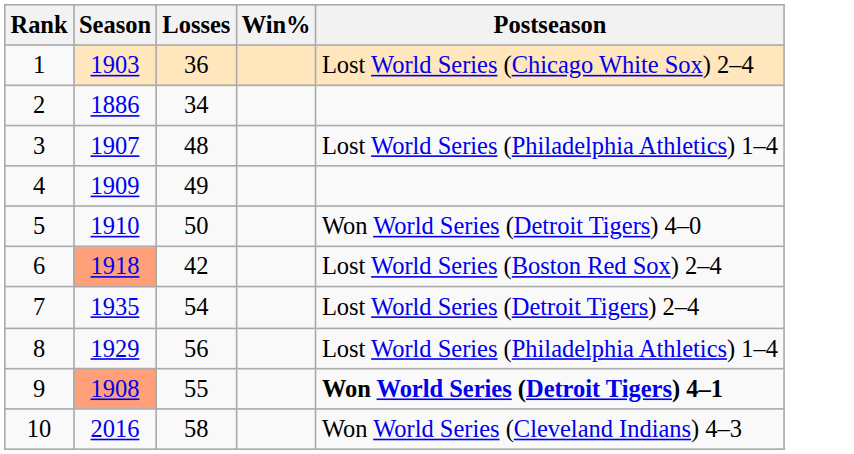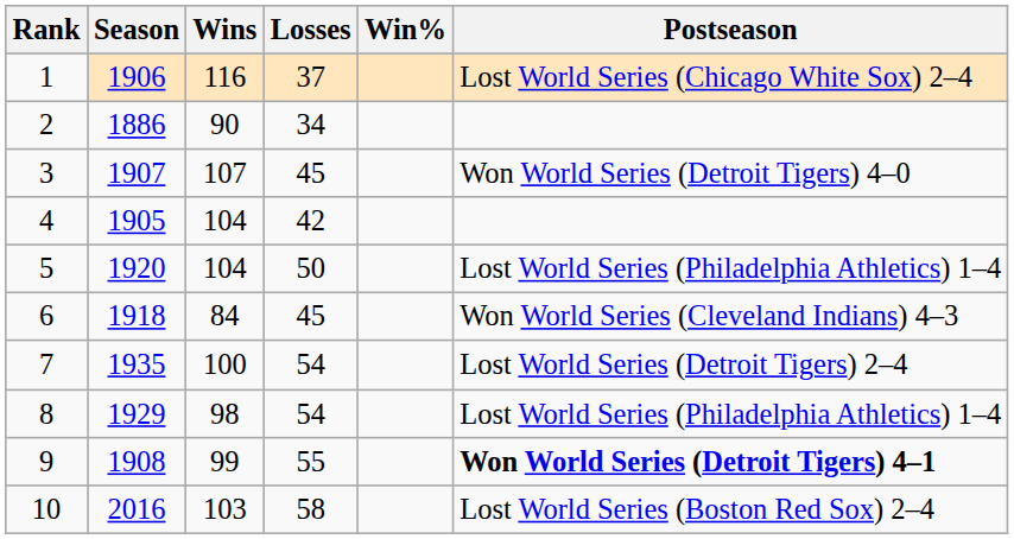 <table class="wikitable" style="font-size: 95%; text-align:center;">
 <tr>
 <th>Rank</th>
 <th>Season</th>
+<th>Wins</th>
 <th>Losses</th>
 <th>Win%</th>
 <th>Postseason</th>
 </tr>
 <tr>
 <td>1</td>
-<td bgcolor="#FFE6BD"><a href='#'>1903</a></td>
-<td bgcolor="#FFE6BD">36</td>
+<td bgcolor="#FFE6BD"><a href='#'>1906</a></td>
+<td bgcolor="#FFE6BD">116</td>
+<td bgcolor="#FFE6BD">37</td>
 <td bgcolor="#FFE6BD"></td>
 <td bgcolor="#FFE6BD" align="left">Lost <a href='#'>World Series</a> (<a href='#'>Chicago White Sox</a>) 2–4</td>
 </tr>
 <tr>
 <td>2</td>
 <td><a href='#'>1886</a></td>
+<td>90</td>
 <td>34</td>
 <td></td>
 <td></td>
 </tr>
 <tr>
 <td>3</td>
 <td><a href='#'>1907</a></td>
-<td>48</td>
+<td>107</td>
+<td>45</td>
 <td></td>
-<td align="left">Lost <a href='#'>World Series</a> (<a href='#'>Philadelphia Athletics</a>) 1–4</td>
+<td align="left">Won <a href='#'>World Series</a> (<a href='#'>Detroit Tigers</a>) 4–0</td>
 </tr>
 <tr>
 <td>4</td>
-<td><a href='#'>1909</a></td>
-<td>49</td>
+<td><a href='#'>1905</a></td>
+<td>104</td>
+<td>42</td>
 <td></td>
 <td></td>
 </tr>
 <tr>
 <td>5</td>
-<td><a href='#'>1910</a></td>
+<td><a href='#'>1920</a></td>
+<td>104</td>
 <td>50</td>
 <td></td>
-<td align="left">Won <a href='#'>World Series</a> (<a href='#'>Detroit Tigers</a>) 4–0</td>
+<td align="left">Lost <a href='#'>World Series</a> (<a href='#'>Philadelphia Athletics</a>) 1–4</td>
 </tr>
 <tr>
 <td>6</td>
-<td style="background: lightsalmon;"><a href='#'>1918</a></td>
-<td>42</td>
+<td><a href='#'>1918</a></td>
+<td>84</td>
+<td>45</td>
 <td></td>
-<td align="left">Lost <a href='#'>World Series</a> (<a href='#'>Boston Red Sox</a>) 2–4</td>
+<td align="left">Won <a href='#'>World Series</a> (<a href='#'>Cleveland Indians</a>) 4–3</td>
 </tr>
 <tr>
 <td>7</td>
 <td><a href='#'>1935</a></td>
+<td>100</td>
 <td>54</td>
 <td></td>
 <td align="left">Lost <a href='#'>World Series</a> (<a href='#'>Detroit Tigers</a>) 2–4</td>
 </tr>
 <tr>
 <td>8</td>
 <td><a href='#'>1929</a></td>
-<td>56</td>
+<td>98</td>
+<td>54</td>
 <td></td>
 <td align="left">Lost <a href='#'>World Series</a> (<a href='#'>Philadelphia Athletics</a>) 1–4</td>
 </tr>
 <tr>
 <td>9</td>
-<td style="background: lightsalmon;"><a href='#'>1908</a></td>
+<td><a href='#'>1908</a></td>
+<td>99</td>
 <td>55</td>
 <td></td>
 <td align="left"><strong>Won <a href='#'>World Series</a> (<a href='#'>Detroit Tigers</a>) 4–1</strong></td>
 </tr>
 <tr>
 <td>10</td>
 <td><a href='#'>2016</a></td>
+<td>103</td>
 <td>58</td>
 <td></td>
-<td align="left">Won <a href='#'>World Series</a> (<a href='#'>Cleveland Indians</a>) 4–3</td>
+<td align="left">Lost <a href='#'>World Series</a> (<a href='#'>Boston Red Sox</a>) 2–4</td>
 </tr>
 </table>
